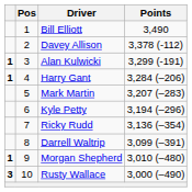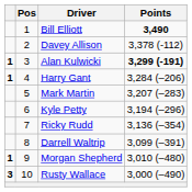 <table class="wikitable" style="font-size: 95%;">
 <tr>
 <th></th>
 <th>Pos</th>
 <th>Driver</th>
 <th>Points</th>
 </tr>
 <tr>
 <td align="left"></td>
 <td style="text-align:center;">1</td>
 <td><a href='#'>Bill Elliott</a></td>
-<td style="text-align:center;">3,490</td>
+<td style="text-align:center;"><strong>3,490</strong></td>
 </tr>
 <tr>
 <td align="left"></td>
 <td style="text-align:center;">2</td>
 <td><a href='#'>Davey Allison</a></td>
 <td style="text-align:center;">3,378 (-112)</td>
 </tr>
 <tr>
 <td align="left"> <strong>1</strong></td>
 <td style="text-align:center;">3</td>
 <td><a href='#'>Alan Kulwicki</a></td>
-<td style="text-align:center;">3,299 (-191)</td>
+<td style="text-align:center;"><strong>3,299 (-191)</strong></td>
 </tr>
 <tr>
 <td align="left"> <strong>1</strong></td>
 <td style="text-align:center;">4</td>
 <td><a href='#'>Harry Gant</a></td>
 <td style="text-align:center;">3,284 (–206)</td>
 </tr>
 <tr>
 <td align="left"></td>
 <td style="text-align:center;">5</td>
 <td><a href='#'>Mark Martin</a></td>
 <td style="text-align:center;">3,207 (–283)</td>
 </tr>
 <tr>
 <td align="left"></td>
 <td style="text-align:center;">6</td>
 <td><a href='#'>Kyle Petty</a></td>
 <td style="text-align:center;">3,194 (–296)</td>
 </tr>
 <tr>
 <td align="left"></td>
 <td style="text-align:center;">7</td>
 <td><a href='#'>Ricky Rudd</a></td>
 <td style="text-align:center;">3,136 (–354)</td>
 </tr>
 <tr>
 <td align="left"></td>
 <td style="text-align:center;">8</td>
 <td><a href='#'>Darrell Waltrip</a></td>
 <td style="text-align:center;">3,099 (–391)</td>
 </tr>
 <tr>
 <td align="left"> <strong>1</strong></td>
 <td style="text-align:center;">9</td>
 <td><a href='#'>Morgan Shepherd</a></td>
 <td style="text-align:center;">3,010 (–480)</td>
 </tr>
 <tr>
 <td align="left"> <strong>3</strong></td>
 <td style="text-align:center;">10</td>
 <td><a href='#'>Rusty Wallace</a></td>
 <td style="text-align:center;">3,000 (–490)</td>
 </tr>
 <tr class="sortbottom">
 <th colspan="9"></th>
 </tr>
 </table>
